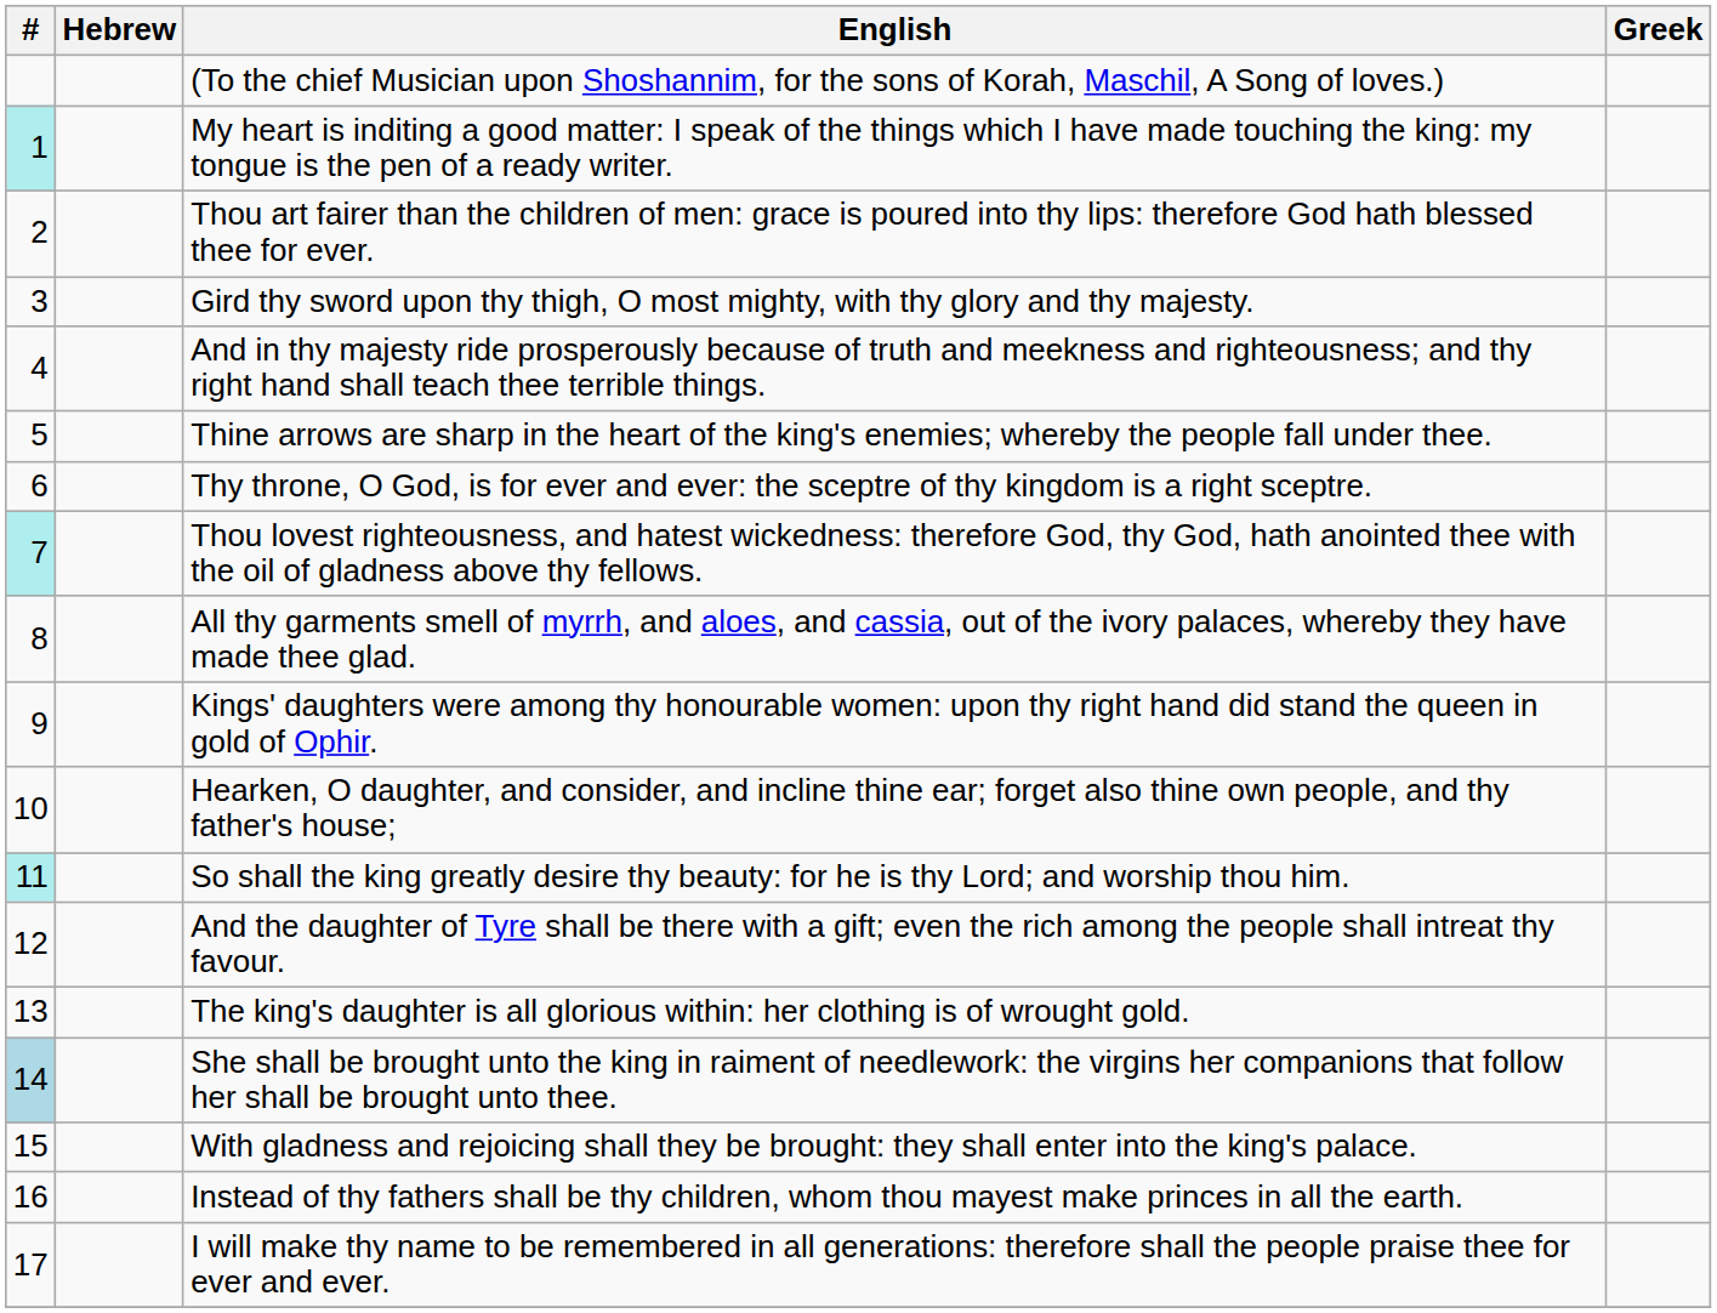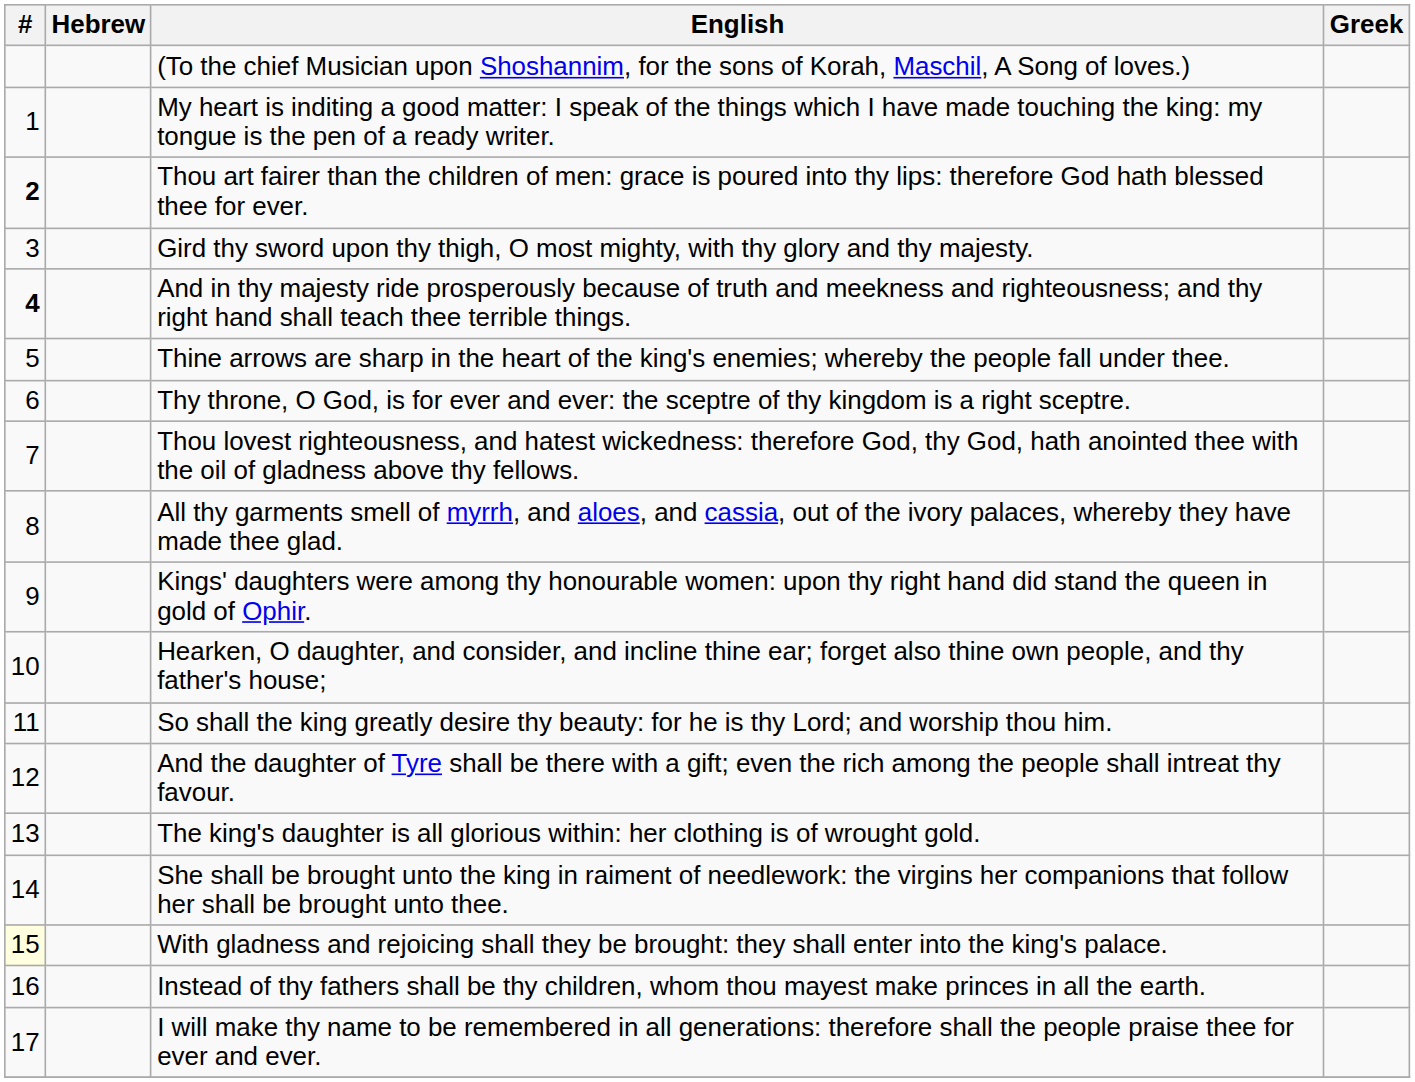 <table class=wikitable>
 <tr>
 <th>#</th>
 <th>Hebrew</th>
 <th>English</th>
 <th>Greek</th>
 </tr>
 <tr>
 <td style="text-align:right"></td>
 <td style="text-align:right"></td>
 <td>(To the chief Musician upon <a href='#'>Shoshannim</a>, for the sons of Korah, <a href='#'>Maschil</a>, A Song of loves.)</td>
 <td></td>
 </tr>
 <tr>
-<td style="background: paleturquoise; text-align:right">1</td>
+<td style="text-align:right">1</td>
 <td style="text-align:right"></td>
 <td>My heart is inditing a good matter: I speak of the things which I have made touching the king: my tongue is the pen of a ready writer.</td>
 <td></td>
 </tr>
 <tr>
-<td style="text-align:right">2</td>
+<td style="text-align:right"><strong>2</strong></td>
 <td style="text-align:right"></td>
 <td>Thou art fairer than the children of men: grace is poured into thy lips: therefore God hath blessed thee for ever.</td>
 <td></td>
 </tr>
 <tr>
 <td style="text-align:right">3</td>
 <td style="text-align:right"></td>
 <td>Gird thy sword upon thy thigh, O most mighty, with thy glory and thy majesty.</td>
 <td></td>
 </tr>
 <tr>
-<td style="text-align:right">4</td>
+<td style="text-align:right"><strong>4</strong></td>
 <td style="text-align:right"></td>
 <td>And in thy majesty ride prosperously because of truth and meekness and righteousness; and thy right hand shall teach thee terrible things.</td>
 <td></td>
 </tr>
 <tr>
 <td style="text-align:right">5</td>
 <td style="text-align:right"></td>
 <td>Thine arrows are sharp in the heart of the king's enemies; whereby the people fall under thee.</td>
 <td></td>
 </tr>
 <tr>
 <td style="text-align:right">6</td>
 <td style="text-align:right"></td>
 <td>Thy throne, O God, is for ever and ever: the sceptre of thy kingdom is a right sceptre.</td>
 <td></td>
 </tr>
 <tr>
-<td style="background: paleturquoise; text-align:right">7</td>
+<td style="text-align:right">7</td>
 <td style="text-align:right"></td>
 <td>Thou lovest righteousness, and hatest wickedness: therefore God, thy God, hath anointed thee with the oil of gladness above thy fellows.</td>
 <td></td>
 </tr>
 <tr>
 <td style="text-align:right">8</td>
 <td style="text-align:right"></td>
 <td>All thy garments smell of <a href='#'>myrrh</a>, and <a href='#'>aloes</a>, and <a href='#'>cassia</a>, out of the ivory palaces, whereby they have made thee glad.</td>
 <td></td>
 </tr>
 <tr>
 <td style="text-align:right">9</td>
 <td style="text-align:right"></td>
 <td>Kings' daughters were among thy honourable women: upon thy right hand did stand the queen in gold of <a href='#'>Ophir</a>.</td>
 <td></td>
 </tr>
 <tr>
 <td style="text-align:right">10</td>
 <td style="text-align:right"></td>
 <td>Hearken, O daughter, and consider, and incline thine ear; forget also thine own people, and thy father's house;</td>
 <td></td>
 </tr>
 <tr>
-<td style="background: paleturquoise; text-align:right">11</td>
+<td style="text-align:right">11</td>
 <td style="text-align:right"></td>
 <td>So shall the king greatly desire thy beauty: for he is thy Lord; and worship thou him.</td>
 <td></td>
 </tr>
 <tr>
 <td style="text-align:right">12</td>
 <td style="text-align:right"></td>
 <td>And the daughter of <a href='#'>Tyre</a> shall be there with a gift; even the rich among the people shall intreat thy favour.</td>
 <td></td>
 </tr>
 <tr>
 <td style="text-align:right">13</td>
 <td style="text-align:right"></td>
 <td>The king's daughter is all glorious within: her clothing is of wrought gold.</td>
 <td></td>
 </tr>
 <tr>
-<td style="background: lightblue; text-align:right">14</td>
+<td style="text-align:right">14</td>
 <td style="text-align:right"></td>
 <td>She shall be brought unto the king in raiment of needlework: the virgins her companions that follow her shall be brought unto thee.</td>
 <td></td>
 </tr>
 <tr>
-<td style="text-align:right">15</td>
+<td style="background: lightyellow; text-align:right">15</td>
 <td style="text-align:right"></td>
 <td>With gladness and rejoicing shall they be brought: they shall enter into the king's palace.</td>
 <td></td>
 </tr>
 <tr>
 <td style="text-align:right">16</td>
 <td style="text-align:right"></td>
 <td>Instead of thy fathers shall be thy children, whom thou mayest make princes in all the earth.</td>
 <td></td>
 </tr>
 <tr>
 <td style="text-align:right">17</td>
 <td style="text-align:right"></td>
 <td>I will make thy name to be remembered in all generations: therefore shall the people praise thee for ever and ever.</td>
 <td></td>
 </tr>
 <tr>
 </tr>
 </table>
